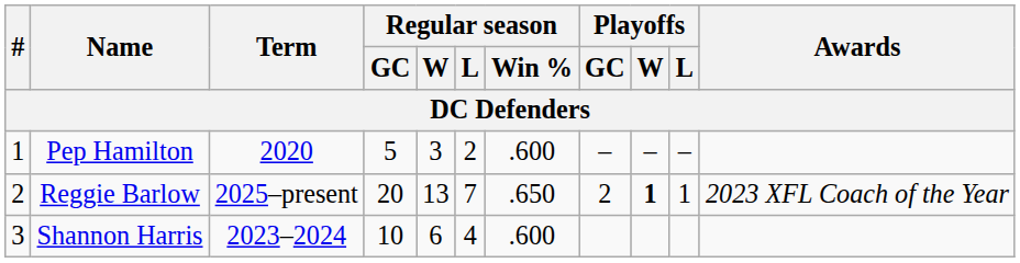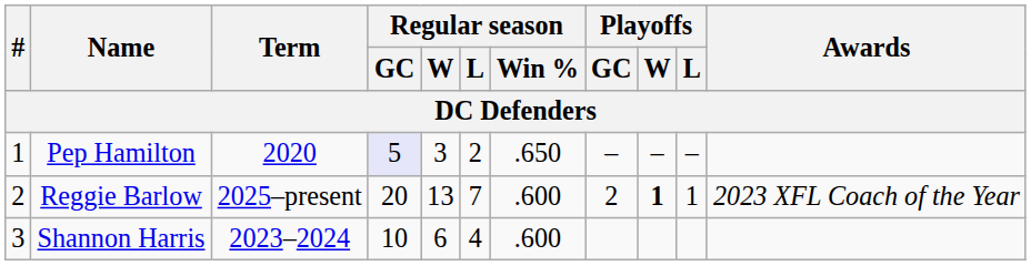 <table class="wikitable" style="text-align:center">
 <tr>
 <th rowspan="2">#</th>
 <th rowspan="2">Name</th>
 <th rowspan="2">Term</th>
 <th colspan="4">Regular season</th>
 <th colspan="3">Playoffs</th>
 <th rowspan="2">Awards</th>
 </tr>
 <tr>
 <th>GC</th>
 <th>W</th>
 <th>L</th>
 <th>Win %</th>
 <th>GC</th>
 <th>W</th>
 <th>L</th>
 </tr>
 <tr>
 <th colspan="11">DC Defenders</th>
 </tr>
 <tr>
 <td>1</td>
 <td><a href='#'>Pep Hamilton</a></td>
 <td><a href='#'>2020</a></td>
-<td>5</td>
+<td style="background: lavender;">5</td>
 <td>3</td>
 <td>2</td>
-<td>.600</td>
+<td>.650</td>
 <td>–</td>
 <td>–</td>
 <td>–</td>
 <td></td>
 </tr>
 <tr>
 <td>2</td>
 <td><a href='#'>Reggie Barlow</a></td>
 <td><a href='#'>2025</a>–present</td>
 <td>20</td>
 <td>13</td>
 <td>7</td>
-<td>.650</td>
+<td>.600</td>
 <td>2</td>
 <td><strong>1</strong></td>
 <td>1</td>
 <td><em>2023 XFL Coach of the Year</em></td>
 </tr>
 <tr>
 <td>3</td>
 <td><a href='#'>Shannon Harris</a></td>
 <td><a href='#'>2023</a>–<a href='#'>2024</a></td>
 <td>10</td>
 <td>6</td>
 <td>4</td>
 <td>.600</td>
 <td></td>
 <td></td>
 <td></td>
 <td></td>
 </tr>
 </table>
